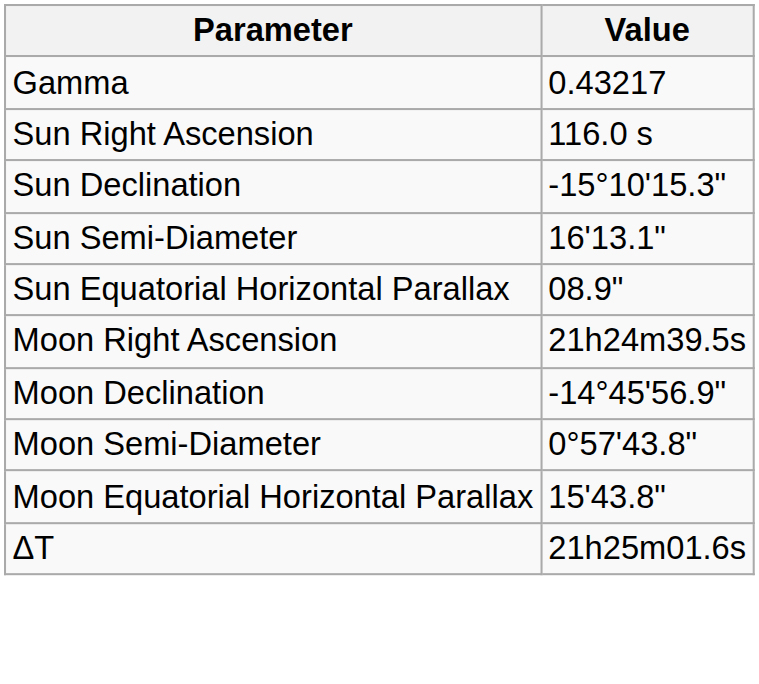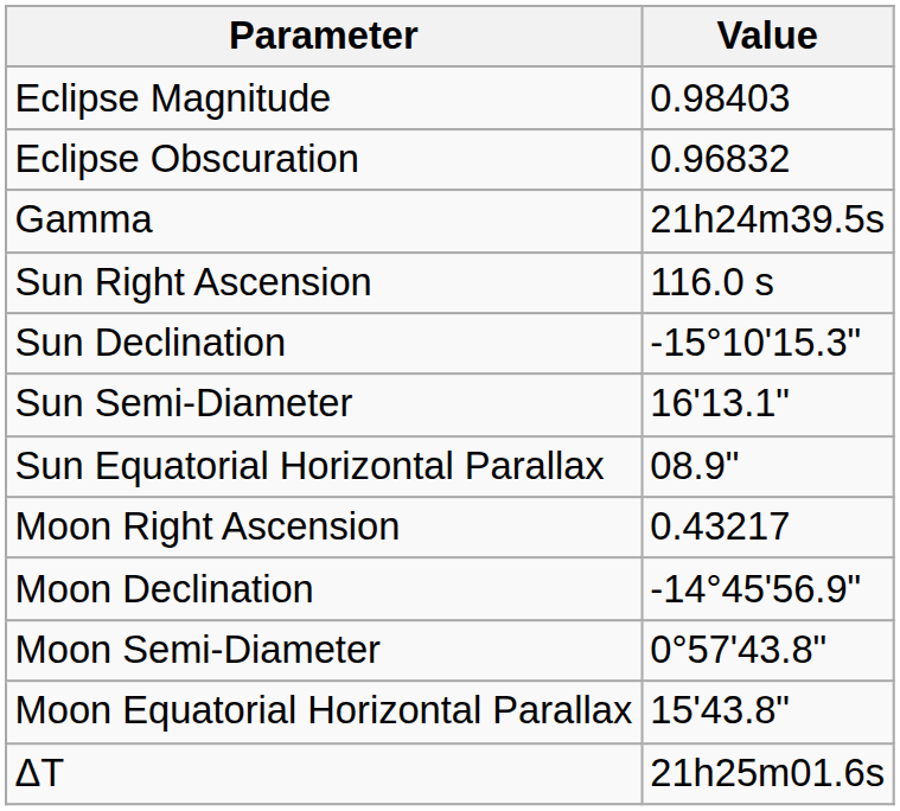 <table class="wikitable">
 <tr>
 <th>Parameter</th>
 <th>Value</th>
 </tr>
 <tr>
+<td>Eclipse Magnitude</td>
+<td>0.98403</td>
+</tr>
+<tr>
+<td>Eclipse Obscuration</td>
+<td>0.96832</td>
+</tr>
+<tr>
 <td>Gamma</td>
-<td>0.43217</td>
+<td>21h24m39.5s</td>
 </tr>
 <tr>
 <td>Sun Right Ascension</td>
 <td>116.0 s</td>
 </tr>
 <tr>
 <td>Sun Declination</td>
 <td>-15°10'15.3"</td>
 </tr>
 <tr>
 <td>Sun Semi-Diameter</td>
 <td>16'13.1"</td>
 </tr>
 <tr>
 <td>Sun Equatorial Horizontal Parallax</td>
 <td>08.9"</td>
 </tr>
 <tr>
 <td>Moon Right Ascension</td>
-<td>21h24m39.5s</td>
+<td>0.43217</td>
 </tr>
 <tr>
 <td>Moon Declination</td>
 <td>-14°45'56.9"</td>
 </tr>
 <tr>
 <td>Moon Semi-Diameter</td>
 <td>0°57'43.8"</td>
 </tr>
 <tr>
 <td>Moon Equatorial Horizontal Parallax</td>
 <td>15'43.8"</td>
 </tr>
 <tr>
 <td>ΔT</td>
 <td>21h25m01.6s</td>
 </tr>
 </table>
